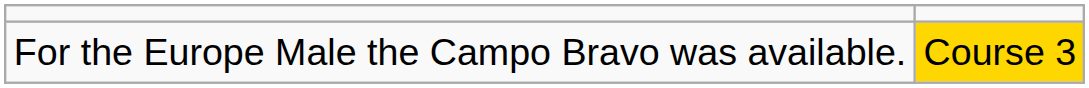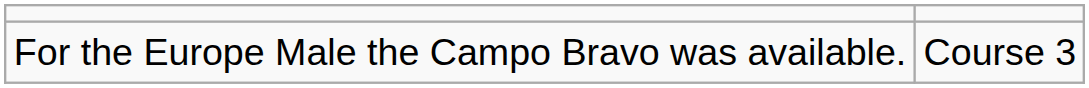 <table class="wikitable" style="text-align:center;">
 <tr>
 <td></td>
 <td></td>
 </tr>
 <tr>
 <td>For the Europe Male the Campo Bravo was available.</td>
-<td style="background: gold;">Course 3</td>
+<td>Course 3</td>
 </tr>
 </table>
